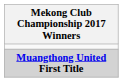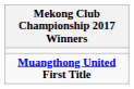 <table class="wikitable" style="text-align: center; margin: 0 auto; width: 20%">
 <tr>
 <th>Mekong Club Championship 2017<br>Winners</th>
 </tr>
 <tr>
 <td></td>
 </tr>
 <tr>
-<td style="background: lightgrey;"><strong><a href='#'>Muangthong United</a></strong><br><strong>First Title</strong></td>
+<td><strong><a href='#'>Muangthong United</a></strong><br><strong>First Title</strong></td>
 </tr>
 </table>
